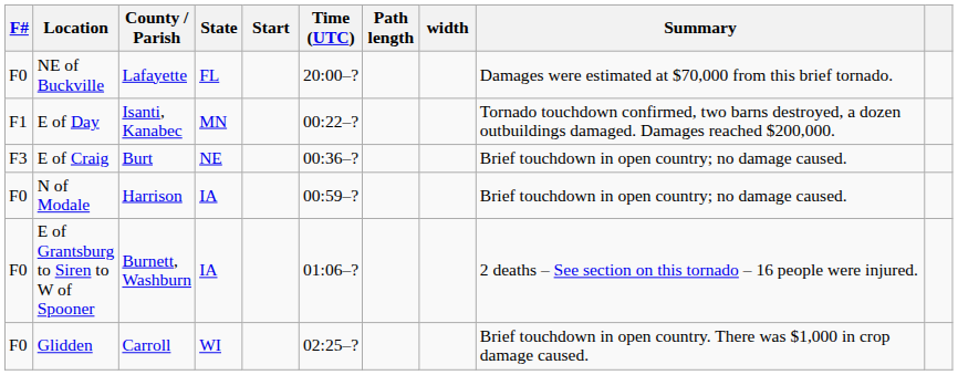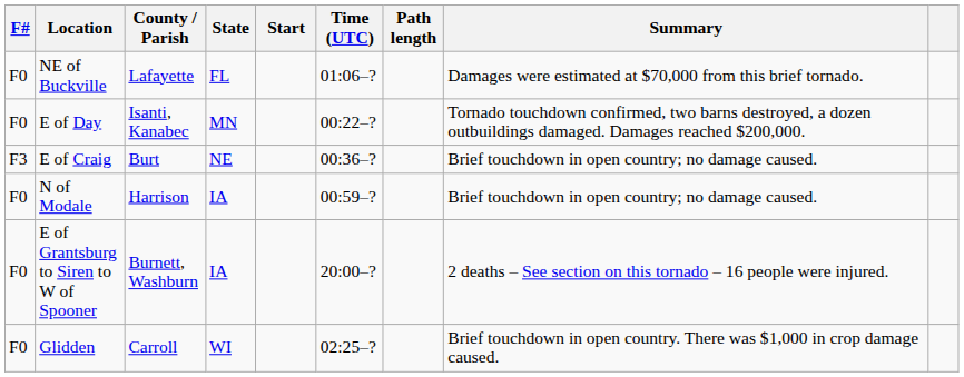 <table class="wikitable sortable" style="width:100%;">
 <tr>
 <th scope="col"  style="width:3%; text-align:center;"><a href='#'>F#</a></th>
 <th scope="col"  style="width:7%; text-align:center;" class="unsortable">Location</th>
 <th scope="col"  style="width:6%; text-align:center;" class="unsortable">County / Parish</th>
 <th scope="col"  style="width:5%; text-align:center;">State</th>
 <th scope="col"  style="width:6%; text-align:center;">Start<br></th>
 <th scope="col"  style="width:6%; text-align:center;">Time (<a href='#'>UTC</a>)</th>
 <th scope="col"  style="width:6%; text-align:center;">Path length</th>
-<th scope="col"  style="width:6%; text-align:center;"> width</th>
 <th scope="col" class="unsortable" style="width:48%; text-align:center;">Summary</th>
 <th scope="col" class="unsortable" style="width:3%; text-align:center;"></th>
 </tr>
 <tr>
 <td>F0</td>
 <td>NE of <a href='#'>Buckville</a></td>
 <td><a href='#'>Lafayette</a></td>
 <td><a href='#'>FL</a></td>
 <td></td>
-<td>20:00–?</td>
-<td></td>
+<td>01:06–?</td>
 <td></td>
 <td>Damages were estimated at $70,000 from this brief tornado.</td>
 <td></td>
 </tr>
 <tr>
-<td>F1</td>
+<td>F0</td>
 <td>E of <a href='#'>Day</a></td>
 <td><a href='#'>Isanti</a>, <a href='#'>Kanabec</a></td>
 <td><a href='#'>MN</a></td>
 <td></td>
 <td>00:22–?</td>
-<td></td>
 <td></td>
 <td>Tornado touchdown confirmed, two barns destroyed, a dozen outbuildings damaged. Damages reached $200,000.</td>
 <td></td>
 </tr>
 <tr>
 <td>F3</td>
 <td>E of <a href='#'>Craig</a></td>
 <td><a href='#'>Burt</a></td>
 <td><a href='#'>NE</a></td>
 <td></td>
 <td>00:36–?</td>
 <td></td>
-<td></td>
 <td>Brief touchdown in open country; no damage caused.</td>
 <td></td>
 </tr>
 <tr>
 <td>F0</td>
 <td>N of <a href='#'>Modale</a></td>
 <td><a href='#'>Harrison</a></td>
 <td><a href='#'>IA</a></td>
 <td></td>
 <td>00:59–?</td>
 <td></td>
-<td></td>
 <td>Brief touchdown in open country; no damage caused.</td>
 <td></td>
 </tr>
 <tr>
 <td>F0</td>
 <td>E of <a href='#'>Grantsburg</a> to <a href='#'>Siren</a> to W of <a href='#'>Spooner</a></td>
 <td><a href='#'>Burnett</a>,  <a href='#'>Washburn</a></td>
 <td><a href='#'>IA</a></td>
 <td></td>
-<td>01:06–?</td>
-<td></td>
+<td>20:00–?</td>
 <td></td>
 <td>2 deaths – <a href='#'>See section on this tornado</a> – 16 people were injured.</td>
 <td></td>
 </tr>
 <tr>
 <td>F0</td>
 <td><a href='#'>Glidden</a></td>
 <td><a href='#'>Carroll</a></td>
 <td><a href='#'>WI</a></td>
 <td></td>
 <td>02:25–?</td>
 <td></td>
-<td></td>
 <td>Brief touchdown in open country. There was $1,000 in crop damage caused.</td>
 <td></td>
 </tr>
 </table>
